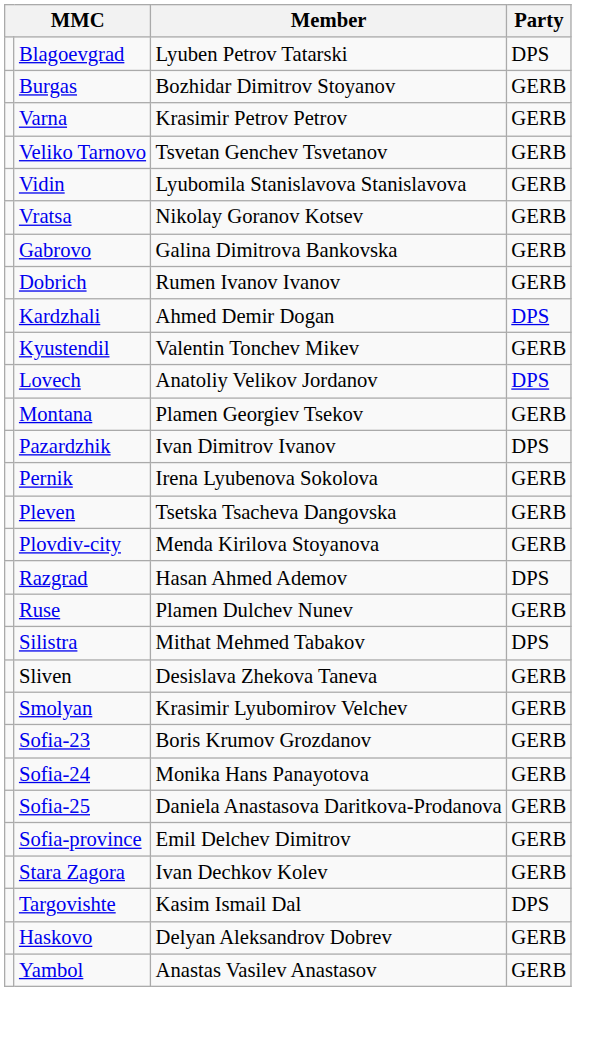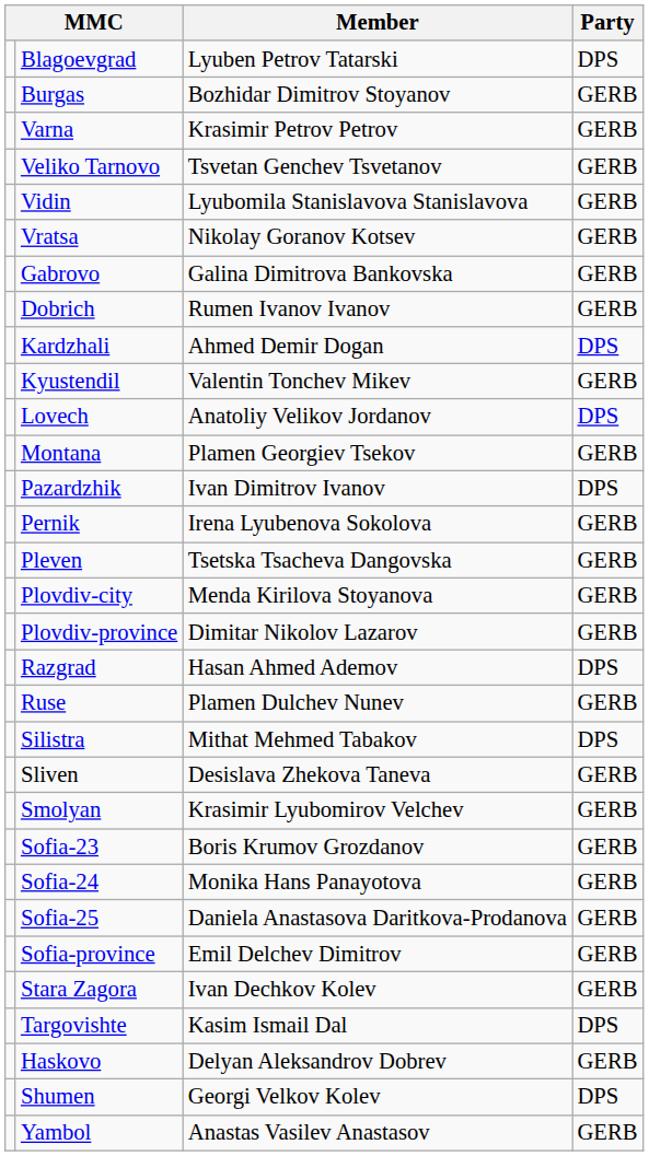 <table class="wikitable">
 <tr>
 <th colspan="2">MMC</th>
 <th>Member</th>
 <th>Party</th>
 </tr>
 <tr>
 <td style="background-color: "></td>
 <td><a href='#'>Blagoevgrad</a></td>
 <td>Lyuben Petrov Tatarski</td>
 <td>DPS</td>
 </tr>
 <tr>
 <td style="background-color: "></td>
 <td><a href='#'>Burgas</a></td>
 <td>Bozhidar Dimitrov Stoyanov</td>
 <td>GERB</td>
 </tr>
 <tr>
 <td style="background-color: "></td>
 <td><a href='#'>Varna</a></td>
 <td>Krasimir Petrov Petrov</td>
 <td>GERB</td>
 </tr>
 <tr>
 <td style="background-color: "></td>
 <td><a href='#'>Veliko Tarnovo</a></td>
 <td>Tsvetan Genchev Tsvetanov</td>
 <td>GERB</td>
 </tr>
 <tr>
 <td style="background-color: "></td>
 <td><a href='#'>Vidin</a></td>
 <td>Lyubomila Stanislavova Stanislavova</td>
 <td>GERB</td>
 </tr>
 <tr>
 <td style="background-color: "></td>
 <td><a href='#'>Vratsa</a></td>
 <td>Nikolay Goranov Kotsev</td>
 <td>GERB</td>
 </tr>
 <tr>
 <td style="background-color: "></td>
 <td><a href='#'>Gabrovo</a></td>
 <td>Galina Dimitrova Bankovska</td>
 <td>GERB</td>
 </tr>
 <tr>
 <td style="background-color: "></td>
 <td><a href='#'>Dobrich</a></td>
 <td>Rumen Ivanov Ivanov</td>
 <td>GERB</td>
 </tr>
 <tr>
 <td style="background-color: "></td>
 <td><a href='#'>Kardzhali</a></td>
 <td>Ahmed Demir Dogan</td>
 <td><a href='#'>DPS</a></td>
 </tr>
 <tr>
 <td style="background-color: "></td>
 <td><a href='#'>Kyustendil</a></td>
 <td>Valentin Tonchev Mikev</td>
 <td>GERB</td>
 </tr>
 <tr>
 <td style="background-color: "></td>
 <td><a href='#'>Lovech</a></td>
 <td>Anatoliy Velikov Jordanov</td>
 <td><a href='#'>DPS</a></td>
 </tr>
 <tr>
 <td style="background-color: "></td>
 <td><a href='#'>Montana</a></td>
 <td>Plamen Georgiev Tsekov</td>
 <td>GERB</td>
 </tr>
 <tr>
 <td style="background-color: "></td>
 <td><a href='#'>Pazardzhik</a></td>
 <td>Ivan Dimitrov Ivanov</td>
 <td>DPS</td>
 </tr>
 <tr>
 <td style="background-color: "></td>
 <td><a href='#'>Pernik</a></td>
 <td>Irena Lyubenova Sokolova</td>
 <td>GERB</td>
 </tr>
 <tr>
 <td style="background-color: "></td>
 <td><a href='#'>Pleven</a></td>
 <td>Tsetska Tsacheva Dangovska</td>
 <td>GERB</td>
 </tr>
 <tr>
 <td style="background-color: "></td>
 <td><a href='#'>Plovdiv-city</a></td>
 <td>Menda Kirilova Stoyanova</td>
 <td>GERB</td>
 </tr>
 <tr>
 <td style="background-color: "></td>
+<td><a href='#'>Plovdiv-province</a></td>
+<td>Dimitar Nikolov Lazarov</td>
+<td>GERB</td>
+</tr>
+<tr>
+<td style="background-color: "></td>
 <td><a href='#'>Razgrad</a></td>
 <td>Hasan Ahmed Ademov</td>
 <td>DPS</td>
 </tr>
 <tr>
 <td style="background-color: "></td>
 <td><a href='#'>Ruse</a></td>
 <td>Plamen Dulchev Nunev</td>
 <td>GERB</td>
 </tr>
 <tr>
 <td style="background-color: "></td>
 <td><a href='#'>Silistra</a></td>
 <td>Mithat Mehmed Tabakov</td>
 <td>DPS</td>
 </tr>
 <tr>
 <td style="background-color: "></td>
 <td>Sliven</td>
 <td>Desislava Zhekova Taneva</td>
 <td>GERB</td>
 </tr>
 <tr>
 <td style="background-color: "></td>
 <td><a href='#'>Smolyan</a></td>
 <td>Krasimir Lyubomirov Velchev</td>
 <td>GERB</td>
 </tr>
 <tr>
 <td style="background-color: "></td>
 <td><a href='#'>Sofia-23</a></td>
 <td>Boris Krumov Grozdanov</td>
 <td>GERB</td>
 </tr>
 <tr>
 <td style="background-color: "></td>
 <td><a href='#'>Sofia-24</a></td>
 <td>Monika Hans Panayotova</td>
 <td>GERB</td>
 </tr>
 <tr>
 <td style="background-color: "></td>
 <td><a href='#'>Sofia-25</a></td>
 <td>Daniela Anastasova Daritkova-Prodanova</td>
 <td>GERB</td>
 </tr>
 <tr>
 <td style="background-color: "></td>
 <td><a href='#'>Sofia-province</a></td>
 <td>Emil Delchev Dimitrov</td>
 <td>GERB</td>
 </tr>
 <tr>
 <td style="background-color: "></td>
 <td><a href='#'>Stara Zagora</a></td>
 <td>Ivan Dechkov Kolev</td>
 <td>GERB</td>
 </tr>
 <tr>
 <td style="background-color: "></td>
 <td><a href='#'>Targovishte</a></td>
 <td>Kasim Ismail Dal</td>
 <td>DPS</td>
 </tr>
 <tr>
 <td style="background-color: "></td>
 <td><a href='#'>Haskovo</a></td>
 <td>Delyan Aleksandrov Dobrev</td>
 <td>GERB</td>
 </tr>
 <tr>
 <td style="background-color: "></td>
+<td><a href='#'>Shumen</a></td>
+<td>Georgi Velkov Kolev</td>
+<td>DPS</td>
+</tr>
+<tr>
+<td style="background-color: "></td>
 <td><a href='#'>Yambol</a></td>
 <td>Anastas Vasilev Anastasov</td>
 <td>GERB</td>
 </tr>
 </table>
